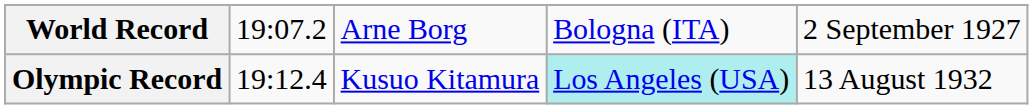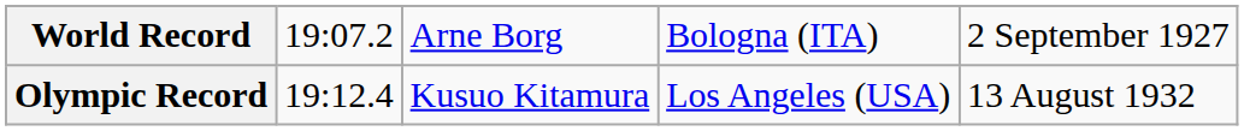 <table class="wikitable" style="font-size:95%;">
 <tr>
 <th>World Record</th>
 <td>19:07.2</td>
 <td> <a href='#'>Arne Borg</a></td>
 <td><a href='#'>Bologna</a> (<a href='#'>ITA</a>)</td>
 <td>2 September 1927</td>
 </tr>
 <tr>
 <th>Olympic Record</th>
 <td>19:12.4</td>
 <td> <a href='#'>Kusuo Kitamura</a></td>
-<td style="background: paleturquoise;"><a href='#'>Los Angeles</a> (<a href='#'>USA</a>)</td>
+<td><a href='#'>Los Angeles</a> (<a href='#'>USA</a>)</td>
 <td>13 August 1932</td>
 </tr>
 </table>
